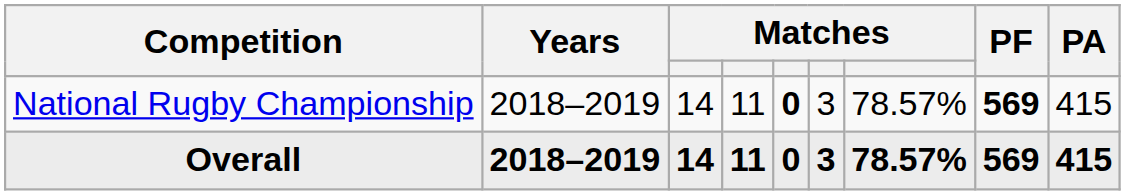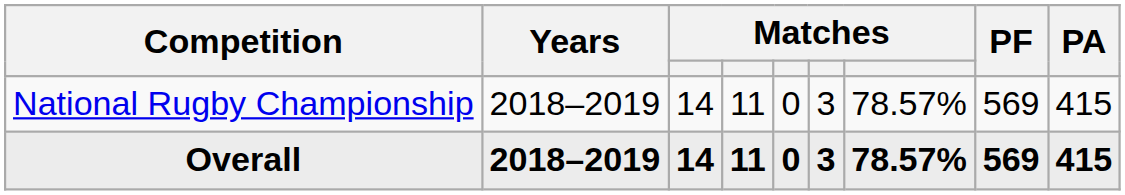 <table class="wikitable" style="text-align:center; font-size: 96%">
 <tr>
 <th rowspan=2>Competition</th>
 <th rowspan=2>Years</th>
 <th colspan=5>Matches</th>
 <th rowspan=2>PF</th>
 <th rowspan=2>PA</th>
 </tr>
 <tr>
 <th></th>
 <th></th>
 <th></th>
 <th></th>
 <th></th>
 </tr>
 <tr>
 <td><a href='#'>National Rugby Championship</a></td>
 <td>2018–2019</td>
 <td>14</td>
 <td>11</td>
-<td><strong>0</strong></td>
+<td>0</td>
 <td>3</td>
 <td>78.57%</td>
-<td><strong>569</strong></td>
+<td>569</td>
 <td>415</td>
 </tr>
 <tr style="background:#ECECEC">
 <td><strong>Overall</strong></td>
 <td><strong>2018–2019</strong></td>
 <td><strong>14</strong></td>
 <td><strong>11</strong></td>
 <td><strong>0</strong></td>
 <td><strong>3</strong></td>
 <td><strong>78.57%</strong></td>
 <td><strong>569</strong></td>
 <td><strong>415</strong></td>
 </tr>
 </table>
